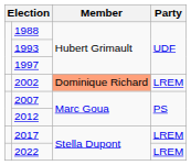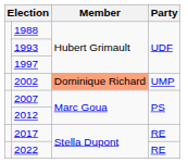 <table class="wikitable">
 <tr>
 <th colspan=2>Election</th>
 <th>Member</th>
 <th>Party</th>
 </tr>
 <tr>
 <td rowspan="3" style="background-color: "></td>
 <td><a href='#'>1988</a></td>
 <td rowspan="3">Hubert Grimault</td>
 <td rowspan="3"><a href='#'>UDF</a></td>
 </tr>
 <tr>
 <td><a href='#'>1993</a></td>
 </tr>
 <tr>
 <td><a href='#'>1997</a></td>
 </tr>
 <tr>
 <td style="background-color: "></td>
 <td><a href='#'>2002</a></td>
 <td style="background: lightsalmon;">Dominique Richard</td>
-<td><a href='#'>LREM</a></td>
+<td><a href='#'>UMP</a></td>
 </tr>
 <tr>
 <td rowspan="2" style="background-color: "></td>
 <td><a href='#'>2007</a></td>
 <td rowspan="2"><a href='#'>Marc Goua</a></td>
 <td rowspan="2"><a href='#'>PS</a></td>
 </tr>
 <tr>
 <td><a href='#'>2012</a></td>
 </tr>
 <tr>
 <td style="background-color: "></td>
 <td><a href='#'>2017</a></td>
 <td rowspan="2"><a href='#'>Stella Dupont</a></td>
-<td><a href='#'>LREM</a></td>
+<td><a href='#'>RE</a></td>
 </tr>
 <tr>
 <td style="background-color: "></td>
 <td><a href='#'>2022</a></td>
-<td><a href='#'>LREM</a></td>
+<td><a href='#'>RE</a></td>
 </tr>
 </table>
